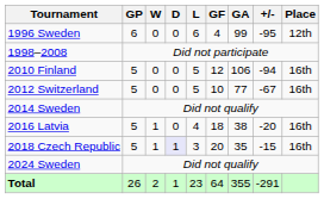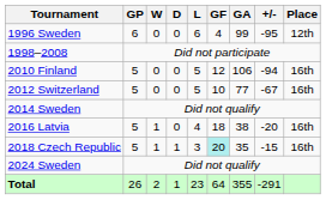 <table class="wikitable" style="text-align:center;">
 <tr>
 <th>Tournament</th>
 <th width=20>GP</th>
 <th width=20>W</th>
 <th width=20>D</th>
 <th width=20>L</th>
 <th width=20>GF</th>
 <th width=20>GA</th>
 <th width=20>+/-</th>
 <th width=20>Place</th>
 </tr>
 <tr>
 <td style="text-align:left;"><a href='#'>1996 Sweden</a></td>
 <td>6</td>
 <td>0</td>
 <td>0</td>
 <td>6</td>
 <td>4</td>
 <td>99</td>
 <td>-95</td>
 <td>12th</td>
 </tr>
 <tr>
 <td style="text-align:left;"><a href='#'>1998</a>–<a href='#'>2008</a></td>
 <td colspan=8><em>Did not participate</em></td>
 </tr>
 <tr>
 <td style="text-align:left;"><a href='#'>2010 Finland</a></td>
 <td>5</td>
 <td>0</td>
 <td>0</td>
 <td>5</td>
 <td>12</td>
 <td>106</td>
 <td>-94</td>
 <td>16th</td>
 </tr>
 <tr>
 <td style="text-align:left;"><a href='#'>2012 Switzerland</a></td>
 <td>5</td>
 <td>0</td>
 <td>0</td>
 <td>5</td>
 <td>10</td>
 <td>77</td>
 <td>-67</td>
 <td>16th</td>
 </tr>
 <tr>
 <td style="text-align:left;"><a href='#'>2014 Sweden</a></td>
 <td colspan=8><em>Did not qualify</em></td>
 </tr>
 <tr>
 <td style="text-align:left;"><a href='#'>2016 Latvia</a></td>
 <td>5</td>
 <td>1</td>
 <td>0</td>
 <td>4</td>
 <td>18</td>
 <td>38</td>
 <td>-20</td>
 <td>16th</td>
 </tr>
 <tr>
 <td style="text-align:left;"><a href='#'>2018 Czech Republic</a></td>
 <td>5</td>
 <td>1</td>
-<td style="background: lavender;">1</td>
+<td>1</td>
 <td>3</td>
-<td>20</td>
+<td style="background: paleturquoise;">20</td>
 <td>35</td>
 <td>-15</td>
 <td>16th</td>
 </tr>
 <tr>
 <td style="text-align:left;"><a href='#'>2024 Sweden</a></td>
 <td colspan=8><em>Did not qualify</em></td>
 </tr>
 <tr style="background:#ccffcc;">
 <td style="text-align:left;"><strong>Total</strong></td>
 <td>26</td>
 <td>2</td>
 <td>1</td>
 <td>23</td>
 <td>64</td>
 <td>355</td>
 <td>-291</td>
 <td></td>
 </tr>
 </table>
